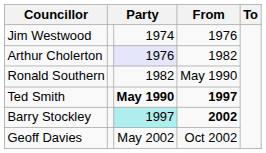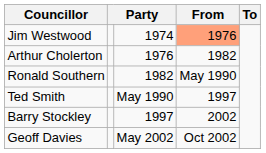 <table class=wikitable>
 <tr>
 <th>Councillor</th>
 <th colspan=2>Party</th>
 <th>From</th>
 <th>To</th>
 </tr>
 <tr>
 <td>Jim Westwood</td>
 <td></td>
 <td align=right>1974</td>
-<td align=right>1976</td>
+<td align=right style="background: lightsalmon;">1976</td>
 </tr>
 <tr>
 <td>Arthur Cholerton</td>
 <td></td>
-<td align=right style="background: lavender;">1976</td>
+<td align=right>1976</td>
 <td align=right>1982</td>
 </tr>
 <tr>
 <td>Ronald Southern</td>
 <td></td>
 <td align=right>1982</td>
 <td align=right>May 1990</td>
 </tr>
 <tr>
 <td>Ted Smith</td>
 <td></td>
-<td align=right><strong>May 1990</strong></td>
-<td align=right><strong>1997</strong></td>
+<td align=right>May 1990</td>
+<td align=right>1997</td>
 </tr>
 <tr>
 <td>Barry Stockley</td>
 <td></td>
-<td align=right style="background: paleturquoise;">1997</td>
-<td align=right><strong>2002</strong></td>
+<td align=right>1997</td>
+<td align=right>2002</td>
 </tr>
 <tr>
 <td>Geoff Davies</td>
 <td></td>
 <td align=right>May 2002</td>
 <td align=right>Oct 2002</td>
 </tr>
 </table>
